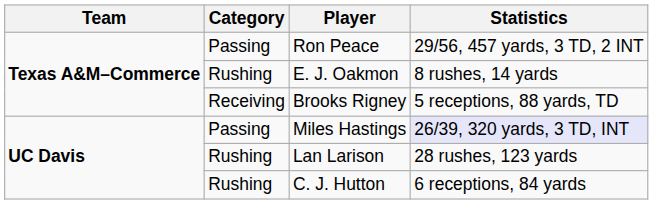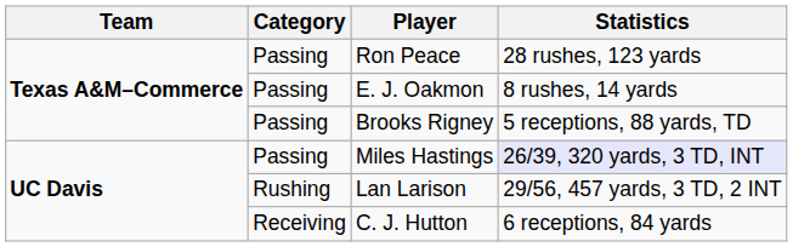 <table class="wikitable" style="float: right;">
 <tr>
 <th>Team</th>
 <th>Category</th>
 <th>Player</th>
 <th>Statistics</th>
 </tr>
 <tr>
 <td rowspan=3><strong>Texas A&M–Commerce</strong></td>
 <td>Passing</td>
 <td>Ron Peace</td>
-<td>29/56, 457 yards, 3 TD, 2 INT</td>
+<td>28 rushes, 123 yards</td>
 </tr>
 <tr>
-<td>Rushing</td>
+<td>Passing</td>
 <td>E. J. Oakmon</td>
 <td>8 rushes, 14 yards</td>
 </tr>
 <tr>
-<td>Receiving</td>
+<td>Passing</td>
 <td>Brooks Rigney</td>
 <td>5 receptions, 88 yards, TD</td>
 </tr>
 <tr>
 <td rowspan=3><strong>UC Davis</strong></td>
 <td>Passing</td>
 <td>Miles Hastings</td>
 <td style="background: lavender;">26/39, 320 yards, 3 TD, INT</td>
 </tr>
 <tr>
 <td>Rushing</td>
 <td>Lan Larison</td>
-<td>28 rushes, 123 yards</td>
+<td>29/56, 457 yards, 3 TD, 2 INT</td>
 </tr>
 <tr>
-<td>Rushing</td>
+<td>Receiving</td>
 <td>C. J. Hutton</td>
 <td>6 receptions, 84 yards</td>
 </tr>
 </table>
